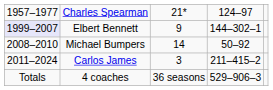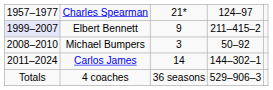 <table class="wikitable" style="text-align:center">
 <tr>
 <td>1957–1977</td>
 <td><a href='#'>Charles Spearman</a></td>
 <td>21*</td>
 <td>124–97</td>
 <td></td>
 </tr>
 <tr>
 <td style="background: lavender;">1999–2007</td>
 <td>Elbert Bennett</td>
 <td>9</td>
-<td>144–302–1</td>
+<td>211–415–2</td>
 <td></td>
 </tr>
 <tr>
 <td>2008–2010</td>
 <td>Michael Bumpers</td>
-<td>14</td>
+<td>3</td>
 <td>50–92</td>
 <td></td>
 </tr>
 <tr>
 <td>2011–2024</td>
 <td><a href='#'>Carlos James</a></td>
-<td>3</td>
-<td>211–415–2</td>
+<td>14</td>
+<td>144–302–1</td>
 <td></td>
 </tr>
 <tr class="sortbottom">
 <td>Totals</td>
 <td>4 coaches</td>
 <td>36 seasons</td>
 <td>529–906–3</td>
 <td></td>
 </tr>
 </table>
